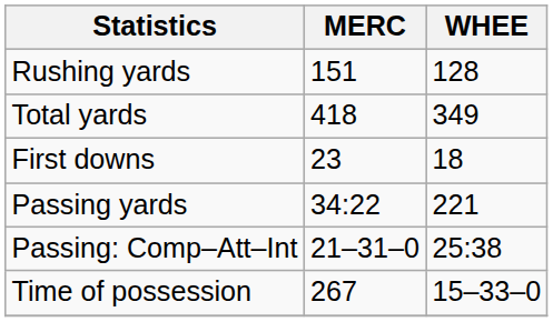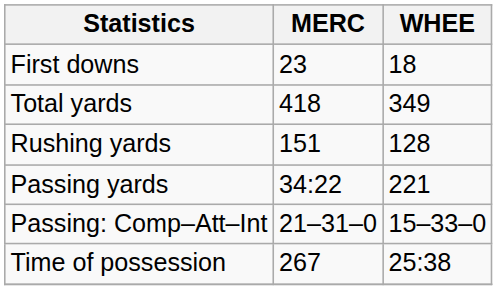 <table class="wikitable" style="float: left;">
 <tr>
 <th>Statistics</th>
 <th>MERC</th>
 <th>WHEE</th>
 </tr>
 <tr>
-<td>Rushing yards</td>
-<td>151</td>
-<td>128</td>
+<td>First downs</td>
+<td>23</td>
+<td>18</td>
 </tr>
 <tr>
 <td>Total yards</td>
 <td>418</td>
 <td>349</td>
 </tr>
 <tr>
-<td>First downs</td>
-<td>23</td>
-<td>18</td>
+<td>Rushing yards</td>
+<td>151</td>
+<td>128</td>
 </tr>
 <tr>
 <td>Passing yards</td>
 <td>34:22</td>
 <td>221</td>
 </tr>
 <tr>
 <td>Passing: Comp–Att–Int</td>
 <td>21–31–0</td>
-<td>25:38</td>
+<td>15–33–0</td>
 </tr>
 <tr>
 <td>Time of possession</td>
 <td>267</td>
-<td>15–33–0</td>
+<td>25:38</td>
 </tr>
 <tr>
 </tr>
 </table>
